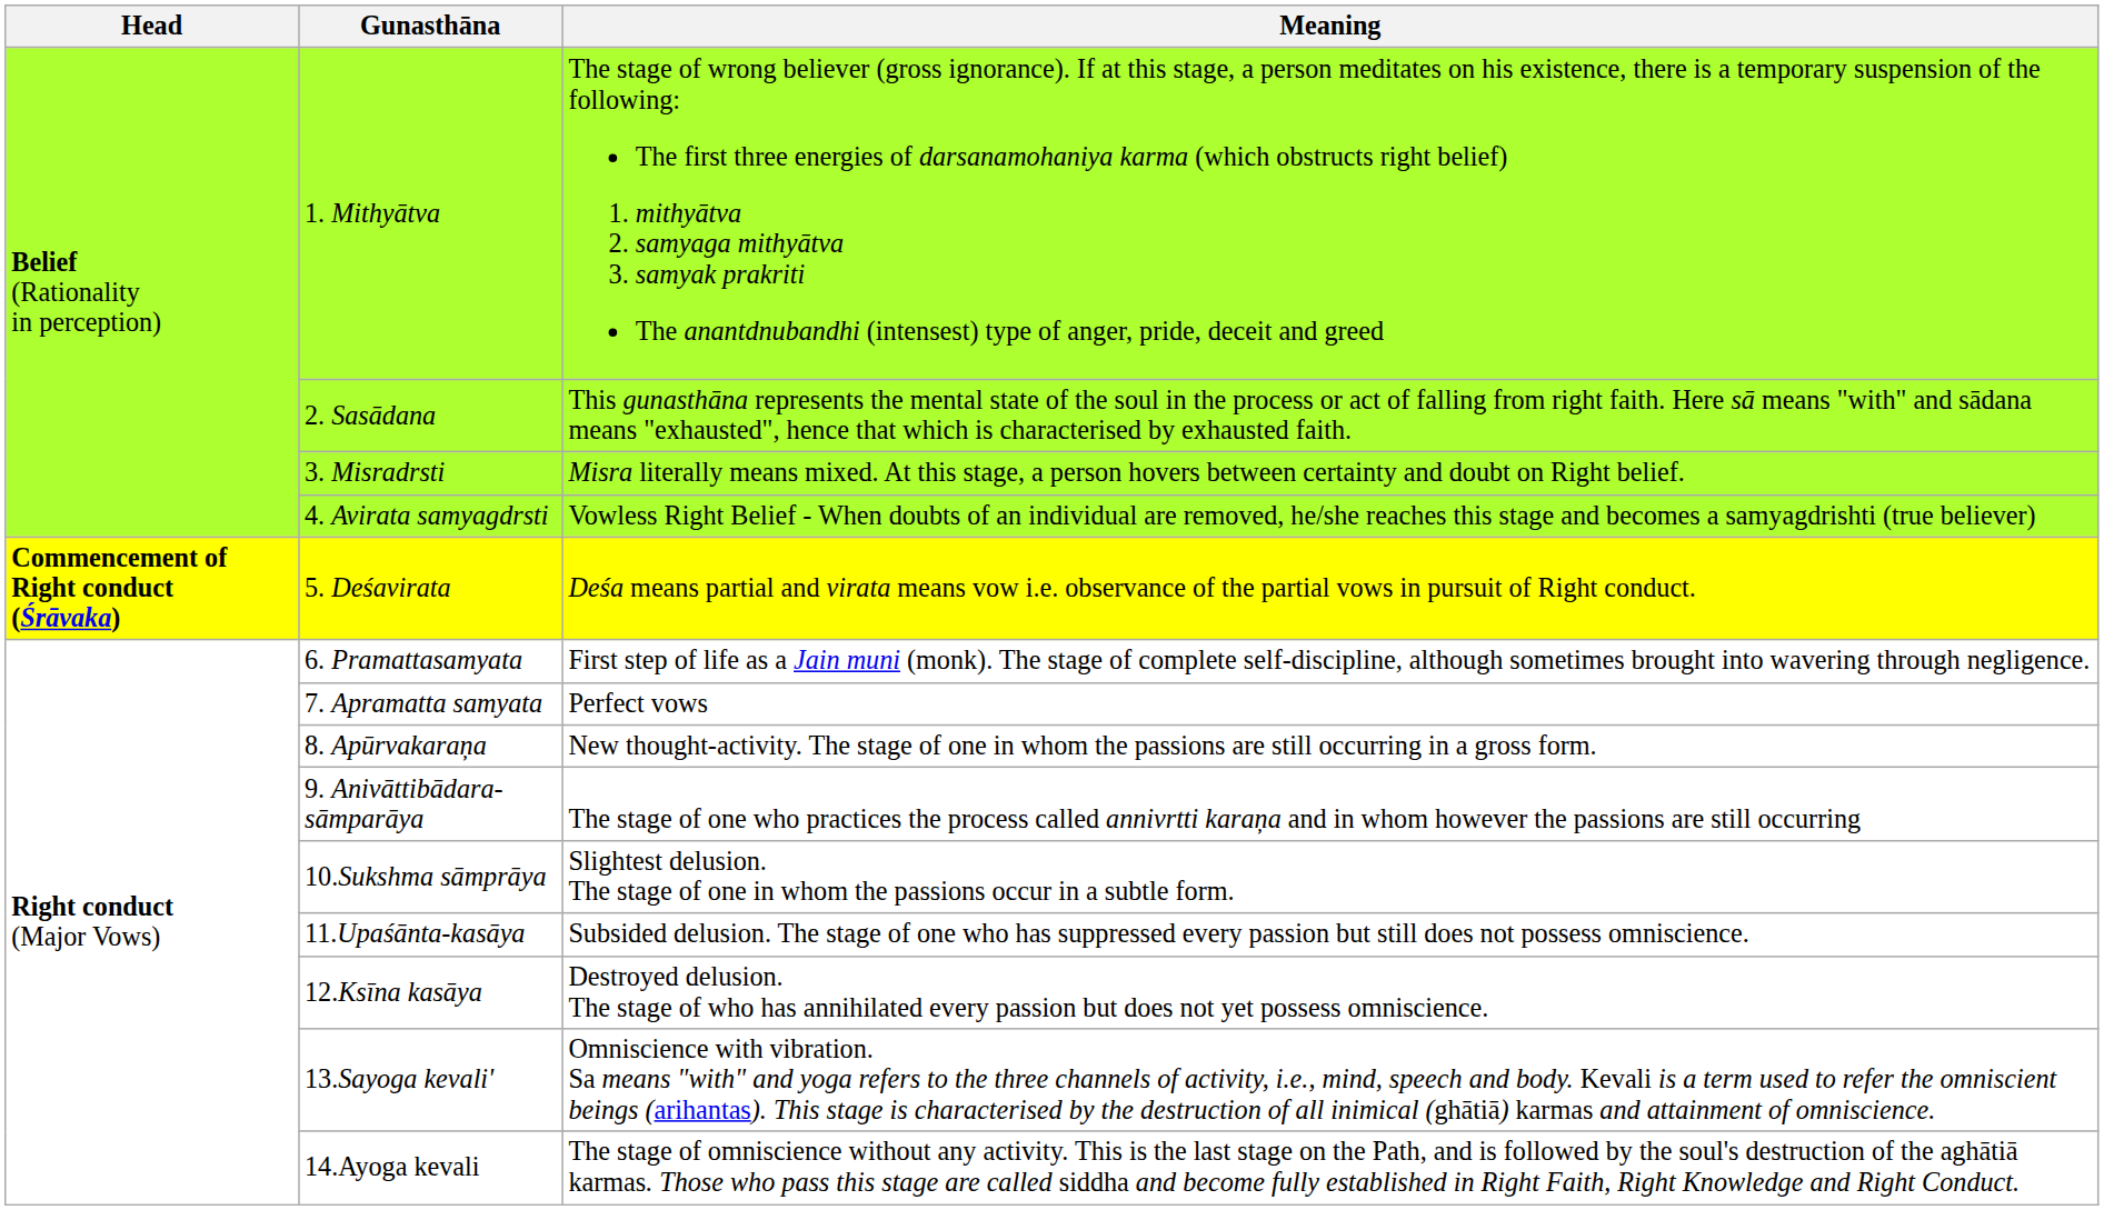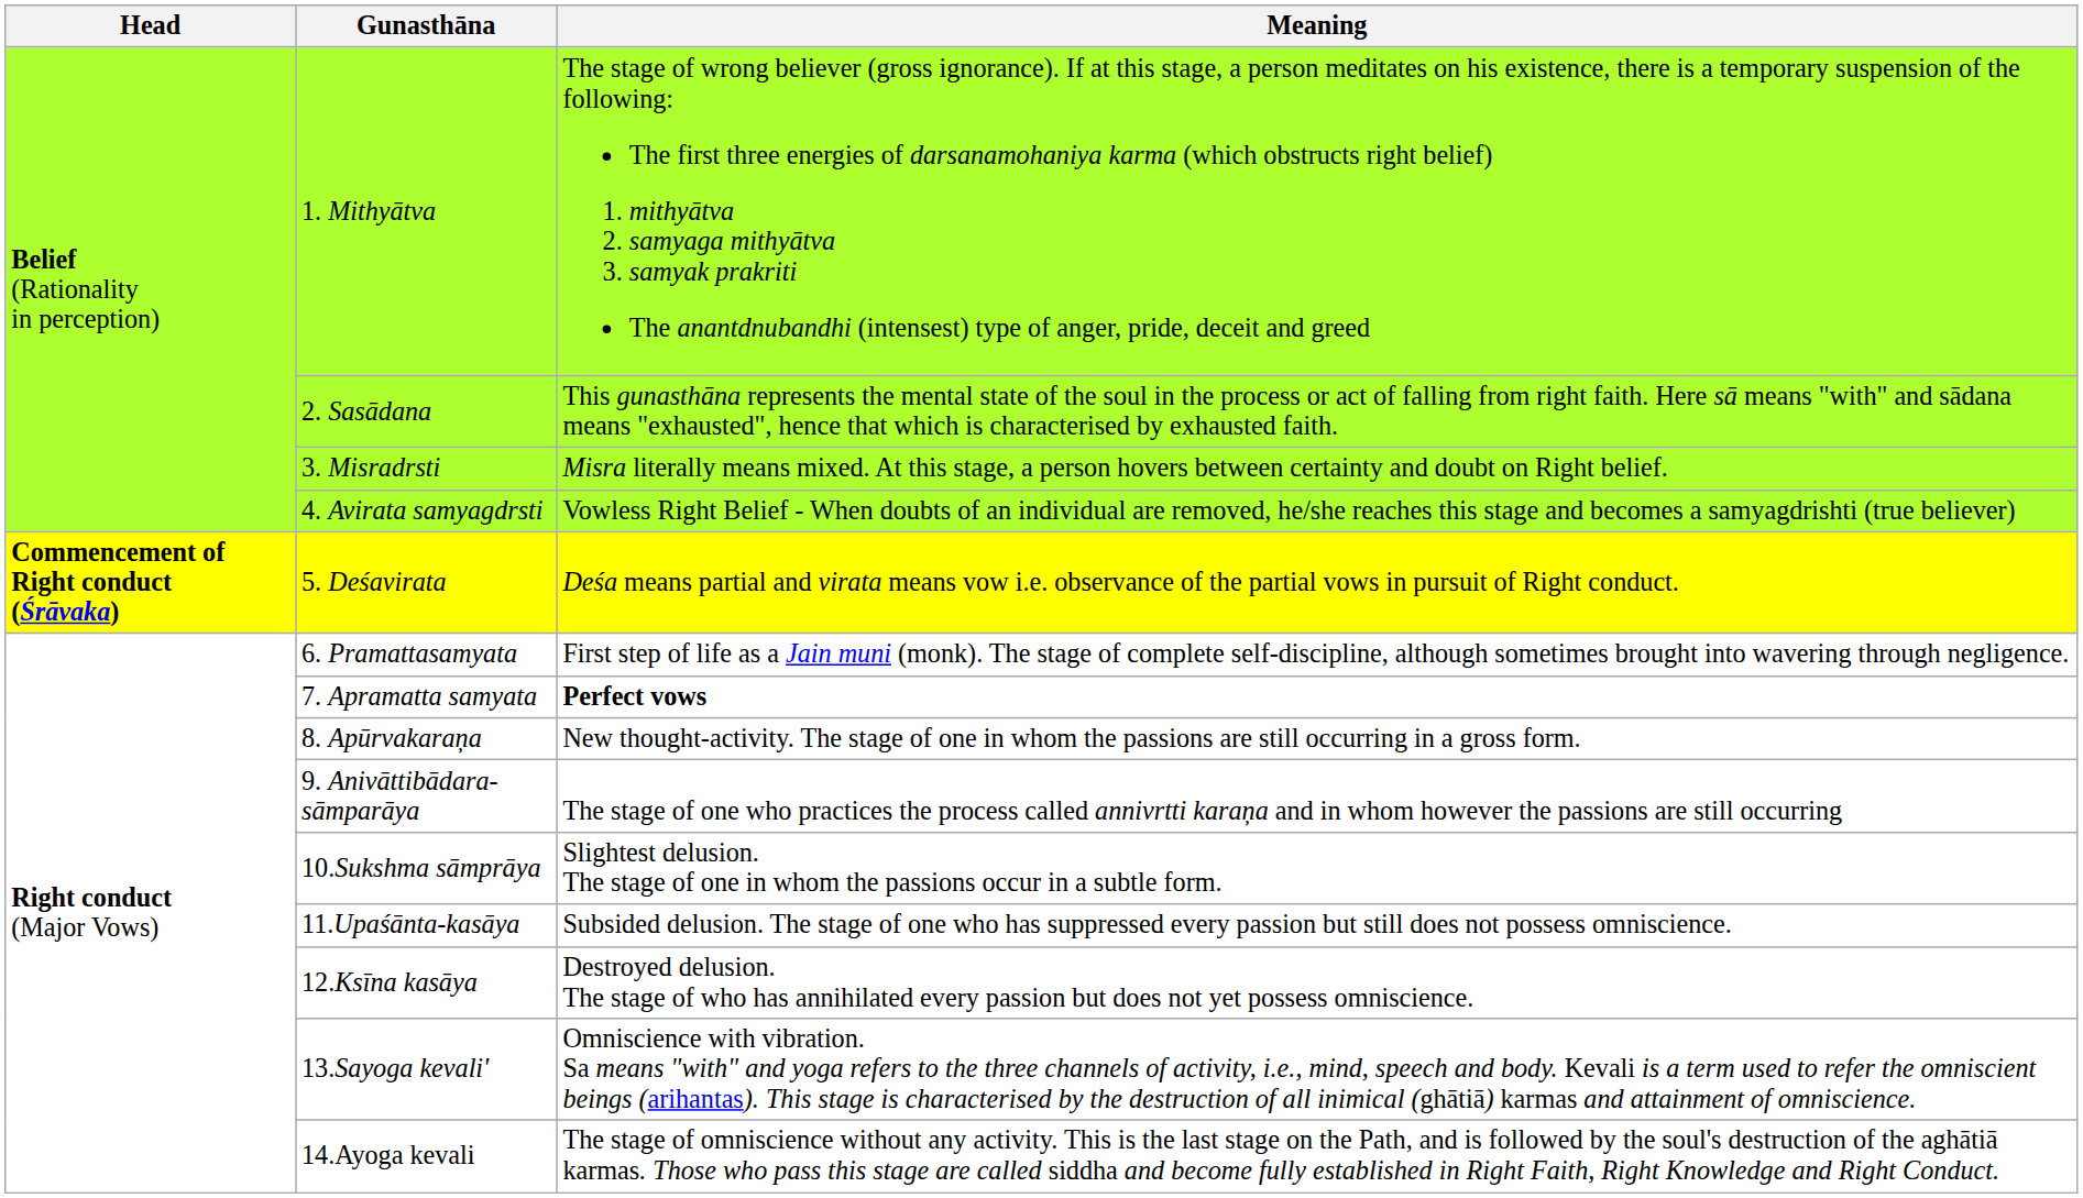 <table class="wikitable">
 <tr>
 <th>Head</th>
 <th>Gunasthāna</th>
 <th>Meaning</th>
 </tr>
 <tr style="background:#ADFF2F;">
 <td rowspan="4"><strong>Belief</strong> <br> (Rationality <br>in perception)</td>
 <td>1. <em>Mithyātva</em></td>
 <td>The stage of wrong believer (gross ignorance). If at this stage, a person meditates on his existence, there is a temporary suspension of the following:<br><ul><li>The first three energies of <em>darsanamohaniya karma</em> (which obstructs right belief)</li></ul><ol><li><em>mithyātva</em></li><li><em>samyaga mithyātva</em></li><li><em>samyak prakriti</em></li></ol><ul><li>The <em>anantdnubandhi</em> (intensest) type of anger, pride, deceit and greed</li></ul></td>
 </tr>
 <tr style="background:#ADFF2F;">
 <td>2. <em>Sasādana</em></td>
 <td>This <em>gunasthāna</em> represents the mental state of the soul in the process or act of falling from right faith. Here <em>sā</em> means "with" and sādana means "exhausted", hence that which is characterised by exhausted faith.</td>
 </tr>
 <tr style="background:#ADFF2F;">
 <td>3. <em>Misradrsti</em></td>
 <td><em>Misra</em> literally means mixed. At this stage, a person hovers between certainty and doubt on Right belief.</td>
 </tr>
 <tr style="background:#ADFF2F;">
 <td>4. <em>Avirata samyagdrsti</em></td>
 <td>Vowless Right Belief - When doubts of an individual are removed, he/she reaches this stage and becomes a samyagdrishti (true believer)</td>
 </tr>
 <tr style="background:#ff0;">
 <td rowspan="1"><strong>Commencement of Right conduct<br> (<em><a href='#'>Śrāvaka</a></em>)</strong></td>
 <td>5. <em>Deśavirata</em></td>
 <td><em>Deśa</em> means partial and <em>virata</em> means vow i.e. observance of the partial vows in pursuit of Right conduct.</td>
 </tr>
 <tr style="background:#FFF;">
 <td rowspan="9"><strong>Right conduct</strong><br> (Major Vows)</td>
 <td>6. <em>Pramattasamyata</em></td>
 <td>First step of life as a <em><a href='#'>Jain muni</a></em> (monk). The stage of complete self-discipline, although sometimes brought into wavering through negligence.</td>
 </tr>
 <tr style="background:#FFF;">
 <td>7. <em>Apramatta samyata</em></td>
-<td>Perfect vows</td>
+<td><strong>Perfect vows</strong></td>
 </tr>
 <tr style="background:#FFF;">
 <td>8. <em>Apūrvakaraņa</em></td>
 <td>New thought-activity. The stage of one in whom the passions are still occurring in a gross form.</td>
 </tr>
 <tr style="background:#FFF;">
 <td>9. <em>Anivāttibādara-sāmparāya</em></td>
 <td><br>The stage of one who practices the process called <em>annivrtti karaņa</em>  and in whom however the passions are still occurring</td>
 </tr>
 <tr style="background:#fff;">
 <td>10.<em>Sukshma sāmprāya</em></td>
 <td>Slightest delusion.<br>The stage of one in whom the passions occur in a subtle form.</td>
 </tr>
 <tr style="background:#fff;">
 <td>11.<em>Upaśānta-kasāya</em></td>
 <td>Subsided delusion. The stage of one who has suppressed every passion but still does not possess omniscience.</td>
 </tr>
 <tr style="background:#fff;">
 <td>12.<em>Ksīna kasāya</em></td>
 <td>Destroyed delusion.<br>The stage of who has annihilated every passion but does not yet possess omniscience.</td>
 </tr>
 <tr style="background:#fff;">
 <td>13.<em>Sayoga kevali'</td>
 <td>Omniscience with vibration.<br></em>Sa<em> means "with" and yoga refers to the three channels of activity, i.e., mind, speech and body. </em>Kevali<em> is a term used to refer the omniscient beings (</em><a href='#'>arihantas</a><em>). This stage is characterised by the destruction of all inimical (</em>ghātiā<em>) </em>karmas<em> and attainment of omniscience.</td>
 </tr>
 <tr style="background:#fff;">
 <td>14.</em>Ayoga kevali<em></td>
 <td>The stage of omniscience without any activity. This is the last stage on the Path, and is followed by the soul's destruction of the </em>aghātiā karmas<em>. Those who pass this stage are called </em>siddha<em> and become fully established in Right Faith, Right Knowledge and Right Conduct.</td>
 </tr>
 </table>
